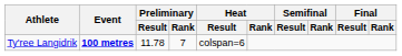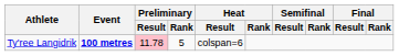 <table class="wikitable" style="font-size:90%">
 <tr>
 <th rowspan="2">Athlete</th>
 <th rowspan="2">Event</th>
 <th colspan="2">Preliminary</th>
 <th colspan="2">Heat</th>
 <th colspan="2">Semifinal</th>
 <th colspan="2">Final</th>
 </tr>
 <tr style="font-size:95%">
 <th>Result</th>
 <th>Rank</th>
 <th>Result</th>
 <th>Rank</th>
 <th>Result</th>
 <th>Rank</th>
 <th>Result</th>
 <th>Rank</th>
 </tr>
 <tr align=center>
 <td align=left><a href='#'>Ty'ree Langidrik</a></td>
 <td align=left><strong><a href='#'>100 metres</a></strong></td>
-<td>11.78 </td>
-<td>7</td>
+<td style="background: pink;">11.78 </td>
+<td>5</td>
 <td>colspan=6 </td>
 </tr>
 </table>
